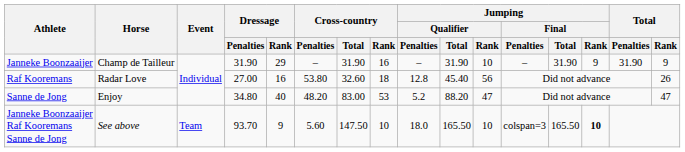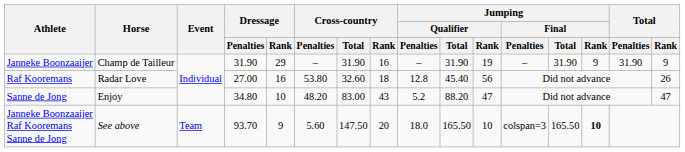 <table class=wikitable style=font-size:90%;text-align:center>
 <tr>
 <th rowspan="3">Athlete</th>
 <th rowspan="3">Horse</th>
 <th rowspan="3">Event</th>
 <th colspan="2" rowspan="2">Dressage</th>
 <th colspan="3" rowspan="2">Cross-country</th>
 <th colspan="6">Jumping</th>
 <th colspan="2" rowspan="2">Total</th>
 </tr>
 <tr style="font-size:95%">
 <th colspan="3">Qualifier</th>
 <th colspan="3">Final</th>
 </tr>
 <tr style="font-size:95%">
 <th>Penalties</th>
 <th>Rank</th>
 <th>Penalties</th>
 <th>Total</th>
 <th>Rank</th>
 <th>Penalties</th>
 <th>Total</th>
 <th>Rank</th>
 <th>Penalties</th>
 <th>Total</th>
 <th>Rank</th>
 <th>Penalties</th>
 <th>Rank</th>
 </tr>
 <tr>
 <td align=left><a href='#'>Janneke Boonzaaijer</a></td>
 <td align=left>Champ de Tailleur</td>
 <td rowspan=3 align=left><a href='#'>Individual</a></td>
 <td>31.90</td>
 <td>29</td>
 <td>–</td>
 <td>31.90</td>
 <td>16</td>
 <td>–</td>
 <td>31.90</td>
-<td>10</td>
+<td>19</td>
 <td>–</td>
 <td>31.90</td>
 <td>9</td>
 <td>31.90</td>
 <td>9</td>
 </tr>
 <tr>
 <td align=left><a href='#'>Raf Kooremans</a></td>
 <td align=left>Radar Love</td>
 <td>27.00</td>
 <td>16</td>
 <td>53.80</td>
 <td>32.60</td>
 <td>18</td>
 <td>12.8</td>
 <td>45.40</td>
 <td>56</td>
 <td colspan=4>Did not advance</td>
 <td>26</td>
 </tr>
 <tr>
 <td align=left><a href='#'>Sanne de Jong</a></td>
 <td align=left>Enjoy</td>
 <td>34.80</td>
-<td>40</td>
+<td>10</td>
 <td>48.20</td>
 <td>83.00</td>
-<td>53</td>
+<td>43</td>
 <td>5.2</td>
 <td>88.20</td>
 <td>47</td>
 <td colspan=4>Did not advance</td>
 <td>47</td>
 </tr>
 <tr>
 <td align=left><a href='#'>Janneke Boonzaaijer</a><br><a href='#'>Raf Kooremans</a><br><a href='#'>Sanne de Jong</a></td>
 <td align=left><em>See above</em></td>
 <td align=left><a href='#'>Team</a></td>
 <td>93.70</td>
 <td>9</td>
 <td>5.60</td>
 <td>147.50</td>
-<td>10</td>
+<td>20</td>
 <td>18.0</td>
 <td>165.50</td>
 <td>10</td>
 <td>colspan=3 </td>
 <td>165.50</td>
 <td><strong>10</strong></td>
 </tr>
 </table>
